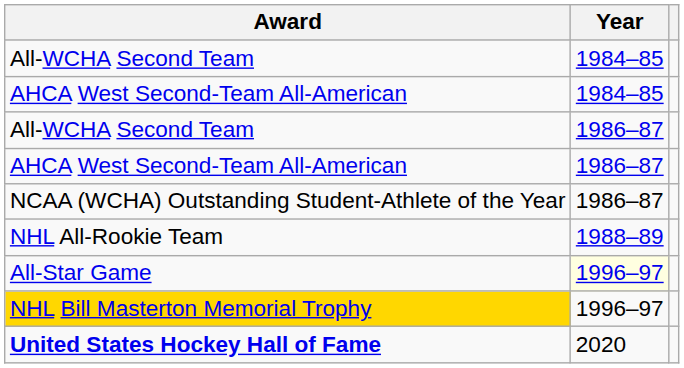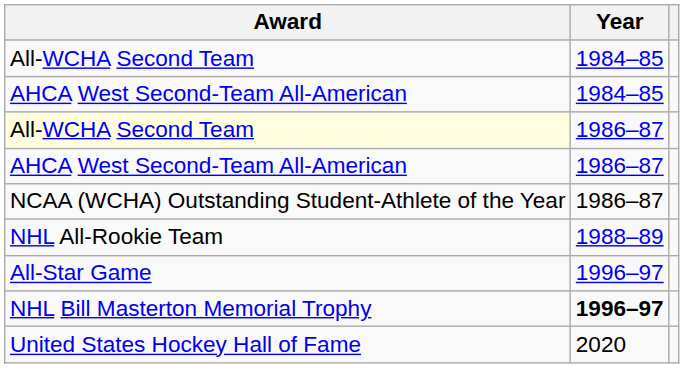 <table class=wikitable>
 <tr>
 <th>Award</th>
 <th>Year</th>
 <th></th>
 </tr>
 <tr>
 <td>All-<a href='#'>WCHA</a> <a href='#'>Second Team</a></td>
 <td><a href='#'>1984–85</a></td>
 <td></td>
 </tr>
 <tr>
 <td><a href='#'>AHCA</a> <a href='#'>West Second-Team All-American</a></td>
 <td><a href='#'>1984–85</a></td>
 <td></td>
 </tr>
 <tr>
-<td>All-<a href='#'>WCHA</a> <a href='#'>Second Team</a></td>
+<td style="background: lightyellow;">All-<a href='#'>WCHA</a> <a href='#'>Second Team</a></td>
 <td><a href='#'>1986–87</a></td>
 <td></td>
 </tr>
 <tr>
 <td><a href='#'>AHCA</a> <a href='#'>West Second-Team All-American</a></td>
 <td><a href='#'>1986–87</a></td>
 <td></td>
 </tr>
 <tr>
 <td>NCAA (WCHA) Outstanding Student-Athlete of the Year</td>
 <td>1986–87</td>
 <td></td>
 </tr>
 <tr>
 <td><a href='#'>NHL</a>  All-Rookie Team</td>
 <td><a href='#'>1988–89</a></td>
 <td></td>
 </tr>
 <tr>
 <td><a href='#'>All-Star Game</a></td>
-<td style="background: lightyellow;"><a href='#'>1996–97</a></td>
+<td><a href='#'>1996–97</a></td>
 <td></td>
 </tr>
 <tr>
-<td style="background: gold;"><a href='#'>NHL</a> <a href='#'>Bill Masterton Memorial Trophy</a></td>
-<td>1996–97</td>
+<td><a href='#'>NHL</a> <a href='#'>Bill Masterton Memorial Trophy</a></td>
+<td><strong>1996–97</strong></td>
 </tr>
 <tr>
-<td><strong><a href='#'>United States Hockey Hall of Fame</a></strong></td>
+<td><a href='#'>United States Hockey Hall of Fame</a></td>
 <td>2020</td>
 <td></td>
 </tr>
 </table>
